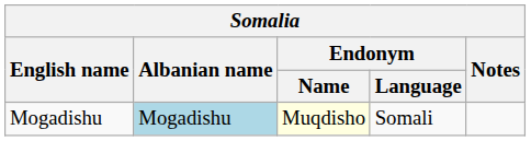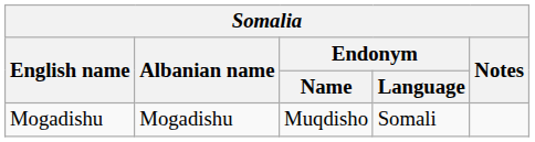 <table class="wikitable sortable">
 <tr>
 <th colspan="5"> <em>Somalia</em></th>
 </tr>
 <tr>
 <th rowspan="2">English name</th>
 <th rowspan="2">Albanian name</th>
 <th colspan="2">Endonym</th>
 <th rowspan="2">Notes</th>
 </tr>
 <tr>
 <th>Name</th>
 <th>Language</th>
 </tr>
 <tr>
 <td>Mogadishu</td>
-<td style="background: lightblue;">Mogadishu</td>
-<td style="background: lightyellow;">Muqdisho</td>
+<td>Mogadishu</td>
+<td>Muqdisho</td>
 <td>Somali</td>
 <td></td>
 </tr>
 </table>
